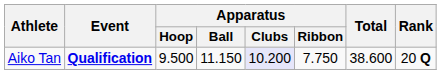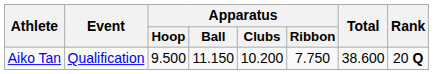 <table class=wikitable style="font-size:90%">
 <tr>
 <th rowspan=2>Athlete</th>
 <th rowspan=2>Event</th>
 <th colspan=4>Apparatus</th>
 <th rowspan=2>Total</th>
 <th rowspan=2>Rank</th>
 </tr>
 <tr style="font-size:95%;">
 <th>Hoop</th>
 <th>Ball</th>
 <th>Clubs</th>
 <th>Ribbon</th>
 </tr>
 <tr align=center>
 <td align=left><a href='#'>Aiko Tan</a></td>
-<td align=left><strong><a href='#'>Qualification</a></strong></td>
+<td align=left><a href='#'>Qualification</a></td>
 <td>9.500</td>
 <td>11.150</td>
-<td style="background: lavender;">10.200</td>
+<td>10.200</td>
 <td>7.750</td>
 <td>38.600</td>
 <td>20 <strong>Q</strong></td>
 </tr>
 </table>
